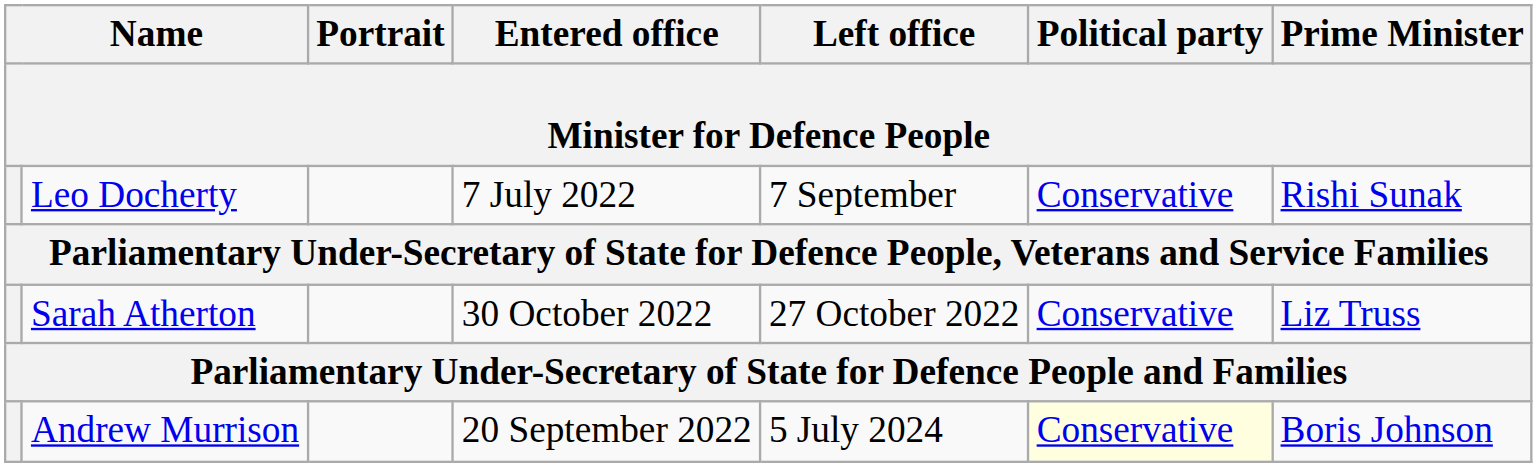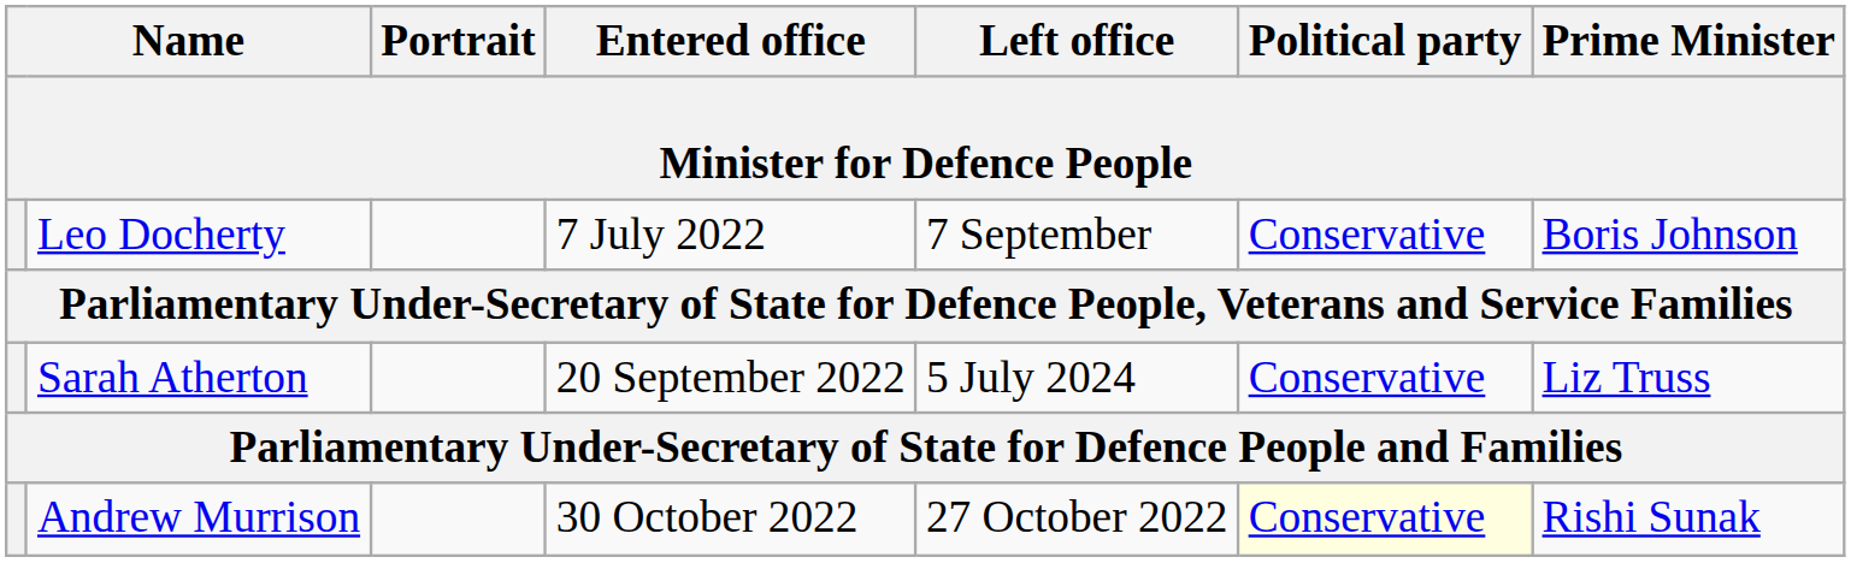 <table class="wikitable">
 <tr>
 <th colspan=2>Name</th>
 <th>Portrait</th>
 <th>Entered office</th>
 <th>Left office</th>
 <th>Political party</th>
 <th>Prime Minister</th>
 </tr>
 <tr>
 <th colspan="8"><br>Minister for Defence People</th>
 </tr>
 <tr>
 <th style="background-color: "></th>
 <td><a href='#'>Leo Docherty</a></td>
 <td></td>
 <td>7 July 2022</td>
 <td>7 September</td>
 <td><a href='#'>Conservative</a></td>
-<td><a href='#'>Rishi Sunak</a></td>
+<td><a href='#'>Boris Johnson</a></td>
 </tr>
 <tr>
 <th colspan="8">Parliamentary Under-Secretary of State for Defence People, Veterans and Service Families</th>
 </tr>
 <tr>
 <th style="background-color: "></th>
 <td><a href='#'>Sarah Atherton</a></td>
 <td></td>
-<td>30 October 2022</td>
-<td>27 October 2022</td>
+<td>20 September 2022</td>
+<td>5 July 2024</td>
 <td><a href='#'>Conservative</a></td>
 <td><a href='#'>Liz Truss</a></td>
 </tr>
 <tr>
 <th colspan="8">Parliamentary Under-Secretary of State for Defence People and Families</th>
 </tr>
 <tr>
 <th style="background-color: "></th>
 <td><a href='#'>Andrew Murrison</a></td>
 <td></td>
-<td>20 September 2022</td>
-<td>5 July 2024</td>
+<td>30 October 2022</td>
+<td>27 October 2022</td>
 <td style="background: lightyellow;"><a href='#'>Conservative</a></td>
-<td><a href='#'>Boris Johnson</a></td>
+<td><a href='#'>Rishi Sunak</a></td>
 </tr>
 </table>
